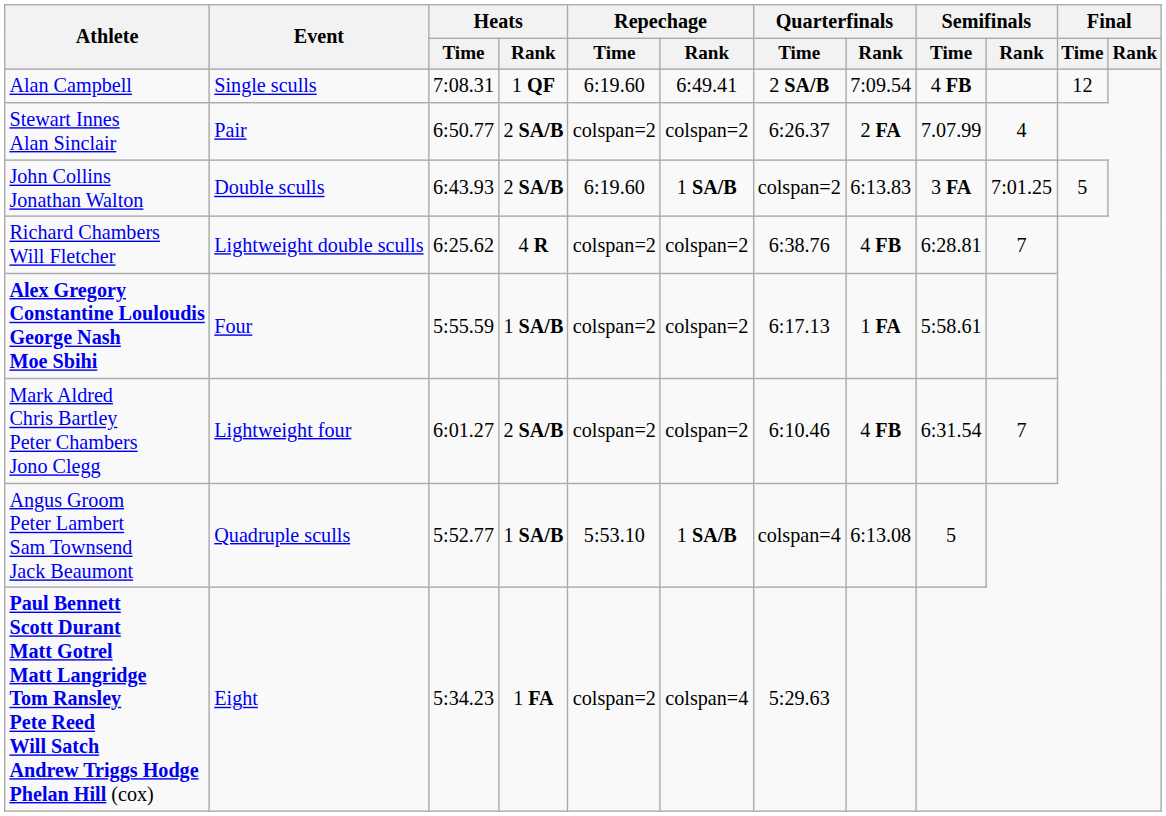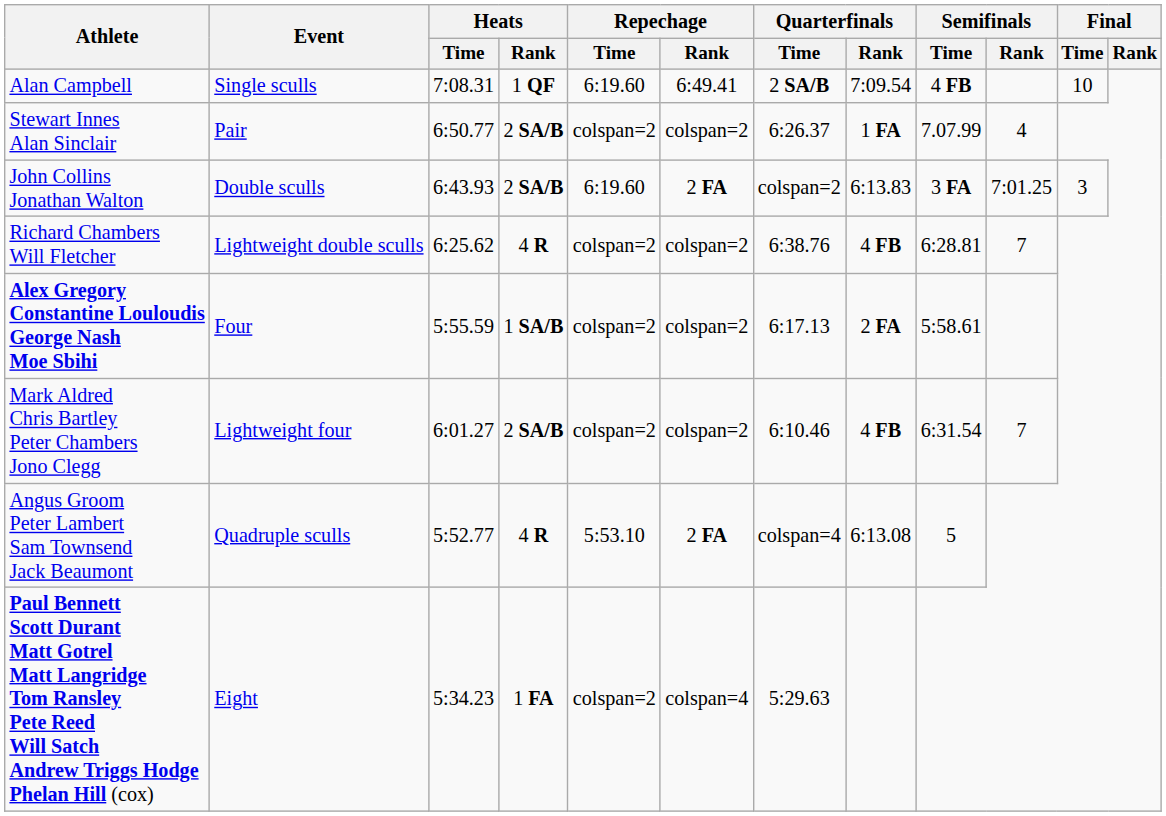 <table class="wikitable" style="font-size:90%">
 <tr>
 <th rowspan="2">Athlete</th>
 <th rowspan="2">Event</th>
 <th colspan="2">Heats</th>
 <th colspan="2">Repechage</th>
 <th colspan="2">Quarterfinals</th>
 <th colspan="2">Semifinals</th>
 <th colspan="2">Final</th>
 </tr>
 <tr style="font-size:95%">
 <th>Time</th>
 <th>Rank</th>
 <th>Time</th>
 <th>Rank</th>
 <th>Time</th>
 <th>Rank</th>
 <th>Time</th>
 <th>Rank</th>
 <th>Time</th>
 <th>Rank</th>
 </tr>
 <tr align=center>
 <td align=left><a href='#'>Alan Campbell</a></td>
 <td align=left><a href='#'>Single sculls</a></td>
 <td>7:08.31</td>
 <td>1 <strong>QF</strong></td>
 <td>6:19.60</td>
 <td>6:49.41</td>
 <td>2 <strong>SA/B</strong></td>
 <td>7:09.54</td>
 <td>4 <strong>FB</strong></td>
 <td></td>
-<td>12</td>
+<td>10</td>
 </tr>
 <tr align=center>
 <td align=left><a href='#'>Stewart Innes</a><br><a href='#'>Alan Sinclair</a></td>
 <td align=left><a href='#'>Pair</a></td>
 <td>6:50.77</td>
 <td>2 <strong>SA/B</strong></td>
 <td>colspan=2 </td>
 <td>colspan=2 </td>
 <td>6:26.37</td>
-<td>2 <strong>FA</strong></td>
+<td>1 <strong>FA</strong></td>
 <td>7.07.99</td>
 <td>4</td>
 </tr>
 <tr align=center>
 <td align=left><a href='#'>John Collins</a><br><a href='#'>Jonathan Walton</a></td>
 <td align=left><a href='#'>Double sculls</a></td>
 <td>6:43.93</td>
 <td>2 <strong>SA/B</strong></td>
 <td>6:19.60</td>
-<td>1 <strong>SA/B</strong></td>
+<td>2  <strong>FA</strong></td>
 <td>colspan=2 </td>
 <td>6:13.83</td>
 <td>3 <strong>FA</strong></td>
 <td>7:01.25</td>
-<td>5</td>
+<td>3</td>
 </tr>
 <tr align=center>
 <td align=left><a href='#'>Richard Chambers</a><br><a href='#'>Will Fletcher</a></td>
 <td align=left><a href='#'>Lightweight double sculls</a></td>
 <td>6:25.62</td>
 <td>4 <strong>R</strong></td>
 <td>colspan=2 </td>
 <td>colspan=2 </td>
 <td>6:38.76</td>
 <td>4 <strong>FB</strong></td>
 <td>6:28.81</td>
 <td>7</td>
 </tr>
 <tr align=center>
 <td align=left><strong><a href='#'>Alex Gregory</a><br><a href='#'>Constantine Louloudis</a><br><a href='#'>George Nash</a><br><a href='#'>Moe Sbihi</a></strong></td>
 <td align=left><a href='#'>Four</a></td>
 <td>5:55.59</td>
 <td>1 <strong>SA/B</strong></td>
 <td>colspan=2 </td>
 <td>colspan=2 </td>
 <td>6:17.13</td>
-<td>1 <strong>FA</strong></td>
+<td>2 <strong>FA</strong></td>
 <td>5:58.61</td>
 <td></td>
 </tr>
 <tr align=center>
 <td align=left><a href='#'>Mark Aldred</a><br><a href='#'>Chris Bartley</a><br><a href='#'>Peter Chambers</a><br><a href='#'>Jono Clegg</a></td>
 <td align=left><a href='#'>Lightweight four</a></td>
 <td>6:01.27</td>
 <td>2 <strong>SA/B</strong></td>
 <td>colspan=2 </td>
 <td>colspan=2 </td>
 <td>6:10.46</td>
 <td>4 <strong>FB</strong></td>
 <td>6:31.54</td>
 <td>7</td>
 </tr>
 <tr align=center>
 <td align=left><a href='#'>Angus Groom</a><br><a href='#'>Peter Lambert</a><br><a href='#'>Sam Townsend</a><br><a href='#'>Jack Beaumont</a></td>
 <td align=left><a href='#'>Quadruple sculls</a></td>
 <td>5:52.77</td>
-<td>1 <strong>SA/B</strong></td>
+<td>4 <strong>R</strong></td>
 <td>5:53.10</td>
-<td>1 <strong>SA/B</strong></td>
+<td>2  <strong>FA</strong></td>
 <td>colspan=4 </td>
 <td>6:13.08</td>
 <td>5</td>
 </tr>
 <tr align=center>
 <td align=left><strong><a href='#'>Paul Bennett</a><br><a href='#'>Scott Durant</a><br><a href='#'>Matt Gotrel</a><br><a href='#'>Matt Langridge</a><br><a href='#'>Tom Ransley</a><br><a href='#'>Pete Reed</a><br><a href='#'>Will Satch</a><br><a href='#'>Andrew Triggs Hodge</a><br><a href='#'>Phelan Hill</a></strong> (cox)</td>
 <td align=left><a href='#'>Eight</a></td>
 <td>5:34.23</td>
 <td>1 <strong>FA</strong></td>
 <td>colspan=2 </td>
 <td>colspan=4 </td>
 <td>5:29.63</td>
 <td></td>
 </tr>
 </table>
